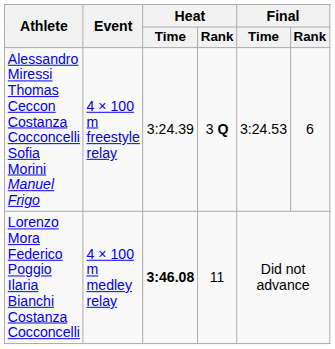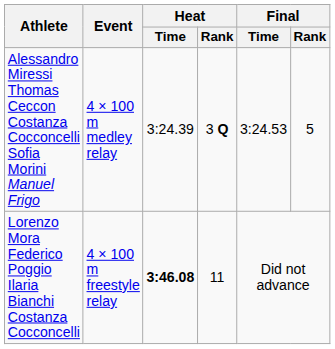 <table class="wikitable" style="text-align:center; font-size:90%; width:30%;">
 <tr>
 <th rowspan="2">Athlete</th>
 <th rowspan="2">Event</th>
 <th colspan="2">Heat</th>
 <th colspan="2">Final</th>
 </tr>
 <tr style="font-size:95%">
 <th>Time</th>
 <th>Rank</th>
 <th>Time</th>
 <th>Rank</th>
 </tr>
 <tr>
 <td align=left><a href='#'>Alessandro Miressi</a> <br><a href='#'>Thomas Ceccon</a><br><a href='#'>Costanza Cocconcelli</a> <br><a href='#'>Sofia Morini</a><br> <em><a href='#'>Manuel Frigo</a></em></td>
-<td align=left><a href='#'>4 × 100 m freestyle relay</a></td>
+<td align=left><a href='#'>4 × 100 m medley relay</a></td>
 <td>3:24.39</td>
 <td>3 <strong>Q</strong></td>
 <td>3:24.53</td>
-<td>6</td>
+<td>5</td>
 </tr>
 <tr>
 <td align=left><a href='#'>Lorenzo Mora</a> <br><a href='#'>Federico Poggio</a><br><a href='#'>Ilaria Bianchi</a> <br><a href='#'>Costanza Cocconcelli</a></td>
-<td align=left><a href='#'>4 × 100 m medley relay</a></td>
+<td align=left><a href='#'>4 × 100 m freestyle relay</a></td>
 <td><strong>3:46.08</strong></td>
 <td>11</td>
 <td colspan="2">Did not advance</td>
 </tr>
 </table>
